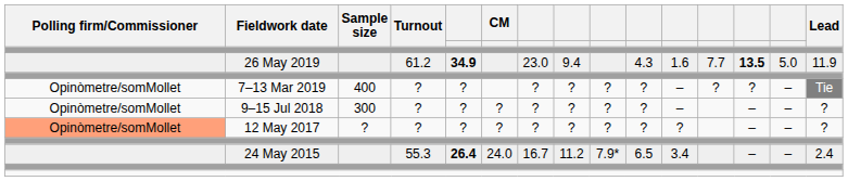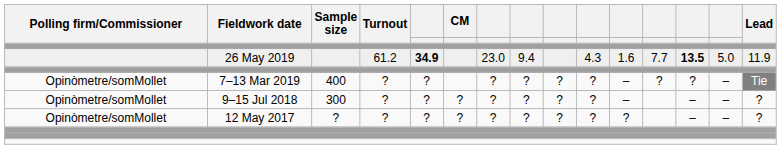 <table class="wikitable collapsible collapsed" style="text-align:center; font-size:95%; line-height:16px;">
 <tr style="height:42px;">
 <th style="width:250px;" rowspan="2">Polling firm/Commissioner</th>
 <th style="width:125px;" rowspan="2">Fieldwork date</th>
 <th style="width:50px;" rowspan="2">Sample size</th>
 <th style="width:45px;" rowspan="2">Turnout</th>
 <th style="width:35px;"></th>
 <th style="width:35px;">CM</th>
 <th style="width:35px;"></th>
 <th style="width:35px;"></th>
 <th style="width:35px;"></th>
 <th style="width:35px;"></th>
 <th style="width:35px;"></th>
 <th style="width:35px;"></th>
 <th style="width:35px;"></th>
 <th style="width:35px;"></th>
 <th style="width:30px;" rowspan="2">Lead</th>
 </tr>
 <tr>
 <th style="color:inherit;background:"></th>
 <th style="color:inherit;background:"></th>
 <th style="color:inherit;background:"></th>
 <th style="color:inherit;background:"></th>
 <th style="color:inherit;background:"></th>
 <th style="color:inherit;background:"></th>
 <th style="color:inherit;background:"></th>
 <th style="color:inherit;background:"></th>
 <th style="color:inherit;background:"></th>
 <th style="color:inherit;background:"></th>
 </tr>
 <tr>
 <td colspan="15" style="background:#A0A0A0"></td>
 </tr>
 <tr style="background:#EFEFEF;">
 <td><strong></strong></td>
 <td>26 May 2019</td>
 <td></td>
 <td>61.2</td>
 <td><strong>34.9</strong><br></td>
 <td></td>
 <td>23.0<br></td>
 <td>9.4<br></td>
 <td></td>
 <td>4.3<br></td>
 <td>1.6<br></td>
 <td>7.7<br></td>
 <td><strong>13.5<br></strong></td>
 <td>5.0<br></td>
 <td style="background:">11.9</td>
 </tr>
 <tr>
 <td colspan="15" style="background:#A0A0A0"></td>
 </tr>
 <tr>
 <td>Opinòmetre/somMollet</td>
 <td>7–13 Mar 2019</td>
 <td>400</td>
 <td>?</td>
 <td>?<br></td>
 <td></td>
 <td>?<br></td>
 <td>?<br></td>
 <td>?<br></td>
 <td>?<br></td>
 <td>–</td>
 <td>?<br></td>
 <td>?<br></td>
 <td>–</td>
 <td style="background:gray; color:white;">Tie</td>
 </tr>
 <tr>
 <td>Opinòmetre/somMollet</td>
 <td>9–15 Jul 2018</td>
 <td>300</td>
 <td>?</td>
 <td>?<br></td>
 <td>?<br></td>
 <td>?<br></td>
 <td>?<br></td>
 <td>?<br></td>
 <td>?<br></td>
 <td>–</td>
 <td></td>
 <td>–</td>
 <td>–</td>
 <td style="background:">?</td>
 </tr>
 <tr>
-<td style="background: lightsalmon;">Opinòmetre/somMollet</td>
+<td>Opinòmetre/somMollet</td>
 <td>12 May 2017</td>
 <td>?</td>
 <td>?</td>
 <td>?<br></td>
 <td>?<br></td>
 <td>?<br></td>
 <td>?<br></td>
 <td>?<br></td>
 <td>?<br></td>
 <td>?<br></td>
 <td></td>
 <td>–</td>
 <td>–</td>
 <td style="background:">?</td>
 </tr>
 <tr>
 <td colspan="15" style="background:#A0A0A0"></td>
 </tr>
-<tr style="background:#EFEFEF;">
-<td><strong></strong></td>
-<td>24 May 2015</td>
-<td></td>
-<td>55.3</td>
-<td><strong>26.4</strong><br></td>
-<td>24.0<br></td>
-<td>16.7<br></td>
-<td>11.2<br></td>
-<td>7.9*<br></td>
-<td>6.5<br></td>
-<td>3.4<br></td>
-<td></td>
-<td>–</td>
-<td>–</td>
-<td style="background:">2.4</td>
-</tr>
 <tr>
 <td colspan="15" style="background:#A0A0A0"></td>
 </tr>
 <tr>
 <td align="left" colspan="15"></td>
 </tr>
 </table>
